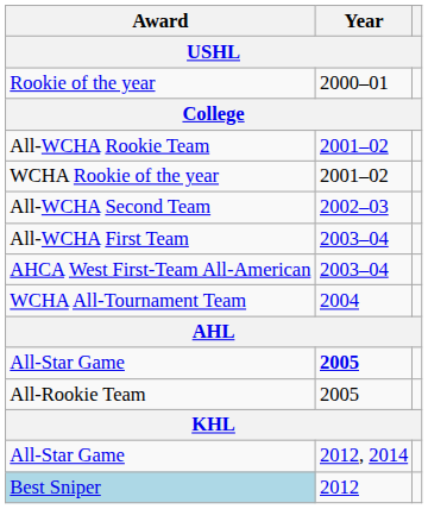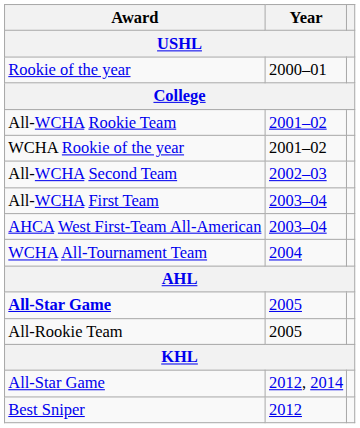 <table class="wikitable">
 <tr>
 <th>Award</th>
 <th>Year</th>
 <th></th>
 </tr>
 <tr>
 <th colspan="3"><a href='#'>USHL</a></th>
 </tr>
 <tr>
 <td><a href='#'>Rookie of the year</a></td>
 <td>2000–01</td>
 <td></td>
 </tr>
 <tr>
 <th colspan="3"><a href='#'>College</a></th>
 </tr>
 <tr>
 <td>All-<a href='#'>WCHA</a> <a href='#'>Rookie Team</a></td>
 <td><a href='#'>2001–02</a></td>
 <td></td>
 </tr>
 <tr>
 <td>WCHA <a href='#'>Rookie of the year</a></td>
 <td>2001–02</td>
 <td></td>
 </tr>
 <tr>
 <td>All-<a href='#'>WCHA</a> <a href='#'>Second Team</a></td>
 <td><a href='#'>2002–03</a></td>
 <td></td>
 </tr>
 <tr>
 <td>All-<a href='#'>WCHA</a> <a href='#'>First Team</a></td>
 <td><a href='#'>2003–04</a></td>
 <td></td>
 </tr>
 <tr>
 <td><a href='#'>AHCA</a> <a href='#'>West First-Team All-American</a></td>
 <td><a href='#'>2003–04</a></td>
 <td></td>
 </tr>
 <tr>
 <td><a href='#'>WCHA</a> <a href='#'>All-Tournament Team</a></td>
 <td><a href='#'>2004</a></td>
 <td></td>
 </tr>
 <tr>
 <th colspan="3"><a href='#'>AHL</a></th>
 </tr>
 <tr>
-<td><a href='#'>All-Star Game</a></td>
-<td><strong><a href='#'>2005</a></strong></td>
+<td><strong><a href='#'>All-Star Game</a></strong></td>
+<td><a href='#'>2005</a></td>
 <td></td>
 </tr>
 <tr>
 <td>All-Rookie Team</td>
 <td>2005</td>
 <td></td>
 </tr>
 <tr>
 <th colspan="3"><a href='#'>KHL</a></th>
 </tr>
 <tr>
 <td><a href='#'>All-Star Game</a></td>
 <td><a href='#'>2012</a>, <a href='#'>2014</a></td>
 <td></td>
 </tr>
 <tr>
-<td style="background: lightblue;"><a href='#'>Best Sniper</a></td>
+<td><a href='#'>Best Sniper</a></td>
 <td><a href='#'>2012</a></td>
 <td></td>
 </tr>
 </table>
